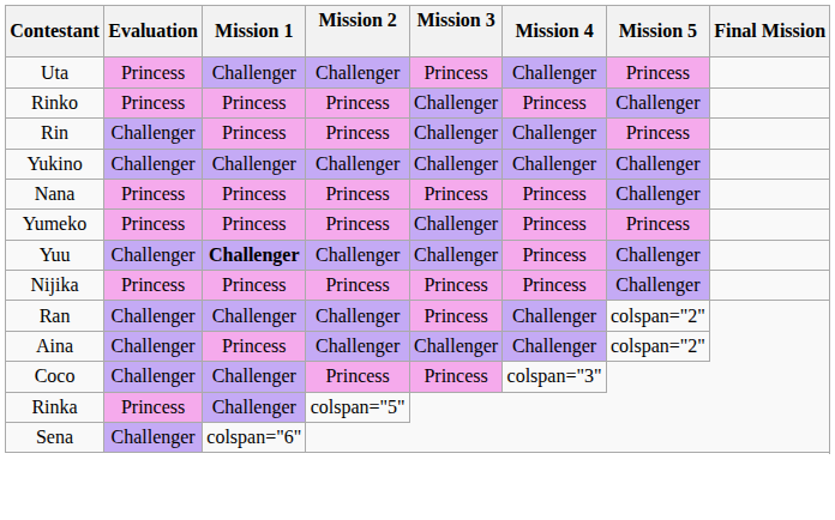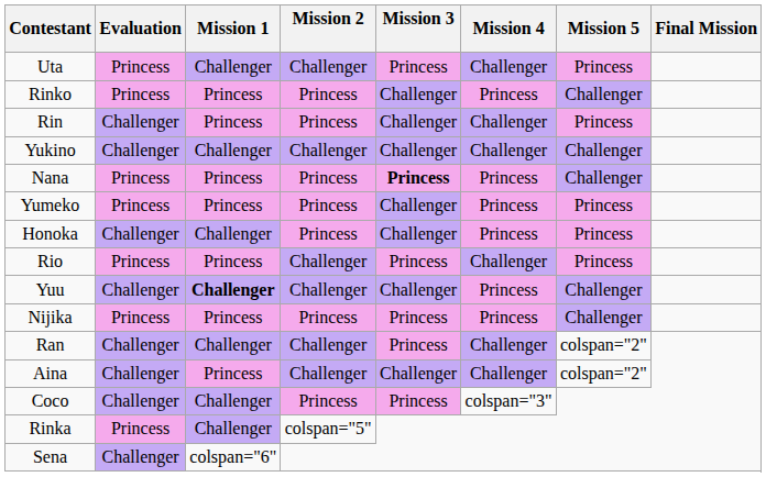 <table class="wikitable sortable" style="text-align:center;">
 <tr>
 <th>Contestant</th>
 <th>Evaluation</th>
 <th>Mission 1<br></th>
 <th>Mission 2<br><br></th>
 <th>Mission 3<br><br></th>
 <th>Mission 4<br></th>
 <th>Mission 5<br></th>
 <th>Final Mission<br></th>
 </tr>
 <tr>
 <td>Uta</td>
 <td style="background:#F5AAEC;">Princess</td>
 <td style="background:#c4aaf5;">Challenger</td>
 <td style="background:#c4aaf5;">Challenger</td>
 <td style="background:#F5AAEC;">Princess</td>
 <td style="background:#c4aaf5;">Challenger</td>
 <td style="background:#F5AAEC;">Princess</td>
 <td></td>
 </tr>
 <tr>
 <td>Rinko</td>
 <td style="background:#F5AAEC;">Princess</td>
 <td style="background:#F5AAEC;">Princess</td>
 <td style="background:#F5AAEC;">Princess</td>
 <td style="background:#c4aaf5;">Challenger</td>
 <td style="background:#F5AAEC;">Princess</td>
 <td style="background:#c4aaf5;">Challenger</td>
 <td></td>
 </tr>
 <tr>
 <td>Rin</td>
 <td style="background:#c4aaf5;">Challenger</td>
 <td style="background:#F5AAEC;">Princess</td>
 <td style="background:#F5AAEC;">Princess</td>
 <td style="background:#c4aaf5;">Challenger</td>
 <td style="background:#c4aaf5;">Challenger</td>
 <td style="background:#F5AAEC;">Princess</td>
 <td></td>
 </tr>
 <tr>
 <td>Yukino</td>
 <td style="background:#c4aaf5;">Challenger</td>
 <td style="background:#c4aaf5;">Challenger</td>
 <td style="background:#c4aaf5;">Challenger</td>
 <td style="background:#c4aaf5;">Challenger</td>
 <td style="background:#c4aaf5;">Challenger</td>
 <td style="background:#c4aaf5;">Challenger</td>
 <td></td>
 </tr>
 <tr>
 <td>Nana</td>
 <td style="background:#F5AAEC;">Princess</td>
 <td style="background:#F5AAEC;">Princess</td>
 <td style="background:#F5AAEC;">Princess</td>
-<td style="background:#F5AAEC;">Princess</td>
+<td style="background:#F5AAEC;"><strong>Princess</strong></td>
 <td style="background:#F5AAEC;">Princess</td>
 <td style="background:#c4aaf5;">Challenger</td>
 <td></td>
 </tr>
 <tr>
 <td>Yumeko</td>
 <td style="background:#F5AAEC;">Princess</td>
 <td style="background:#F5AAEC;">Princess</td>
 <td style="background:#F5AAEC;">Princess</td>
 <td style="background:#c4aaf5;">Challenger</td>
 <td style="background:#F5AAEC;">Princess</td>
+<td style="background:#F5AAEC;">Princess</td>
+<td></td>
+</tr>
+<tr>
+<td>Honoka</td>
+<td style="background:#c4aaf5;">Challenger</td>
+<td style="background:#c4aaf5;">Challenger</td>
+<td style="background:#F5AAEC ;">Princess</td>
+<td style="background:#c4aaf5;">Challenger</td>
+<td style="background:#F5AAEC;">Princess</td>
+<td style="background:#F5AAEC;">Princess</td>
+<td></td>
+</tr>
+<tr>
+<td>Rio</td>
+<td style="background:#F5AAEC;">Princess</td>
+<td style="background:#F5AAEC;">Princess</td>
+<td style="background:#c4aaf5;">Challenger</td>
+<td style="background:#F5AAEC;">Princess</td>
+<td style="background:#c4aaf5;">Challenger</td>
 <td style="background:#F5AAEC;">Princess</td>
 <td></td>
 </tr>
 <tr>
 <td>Yuu</td>
 <td style="background:#c4aaf5;">Challenger</td>
 <td style="background:#c4aaf5;"><strong>Challenger</strong></td>
 <td style="background:#c4aaf5;">Challenger</td>
 <td style="background:#c4aaf5;">Challenger</td>
 <td style="background:#F5AAEC;">Princess</td>
 <td style="background:#c4aaf5;">Challenger</td>
 <td></td>
 </tr>
 <tr>
 <td>Nijika</td>
 <td style="background:#F5AAEC;">Princess</td>
 <td style="background:#F5AAEC;">Princess</td>
 <td style="background:#F5AAEC;">Princess</td>
 <td style="background:#F5AAEC;">Princess</td>
 <td style="background:#F5AAEC;">Princess</td>
 <td style="background:#c4aaf5;">Challenger</td>
 <td></td>
 </tr>
 <tr>
 <td>Ran</td>
 <td style="background:#c4aaf5;">Challenger</td>
 <td style="background:#c4aaf5;">Challenger</td>
 <td style="background:#c4aaf5;">Challenger</td>
 <td style="background:#F5AAEC;">Princess</td>
 <td style="background:#c4aaf5;">Challenger</td>
 <td>colspan="2" </td>
 </tr>
 <tr>
 <td>Aina</td>
 <td style="background:#c4aaf5;">Challenger</td>
 <td style="background:#F5AAEC;">Princess</td>
 <td style="background:#c4aaf5;">Challenger</td>
 <td style="background:#c4aaf5;">Challenger</td>
 <td style="background:#c4aaf5;">Challenger</td>
 <td>colspan="2" </td>
 </tr>
 <tr>
 <td>Coco</td>
 <td style="background:#c4aaf5;">Challenger</td>
 <td style="background:#c4aaf5;">Challenger</td>
 <td style="background:#F5AAEC;">Princess</td>
 <td style="background:#F5AAEC;">Princess</td>
 <td>colspan="3" </td>
 </tr>
 <tr>
 <td>Rinka</td>
 <td style="background:#F5AAEC;">Princess</td>
 <td style="background:#c4aaf5;">Challenger</td>
 <td>colspan="5" </td>
 </tr>
 <tr>
 <td>Sena</td>
 <td style="background:#c4aaf5;">Challenger</td>
 <td>colspan="6" </td>
 </tr>
 <tr>
 </tr>
 </table>
